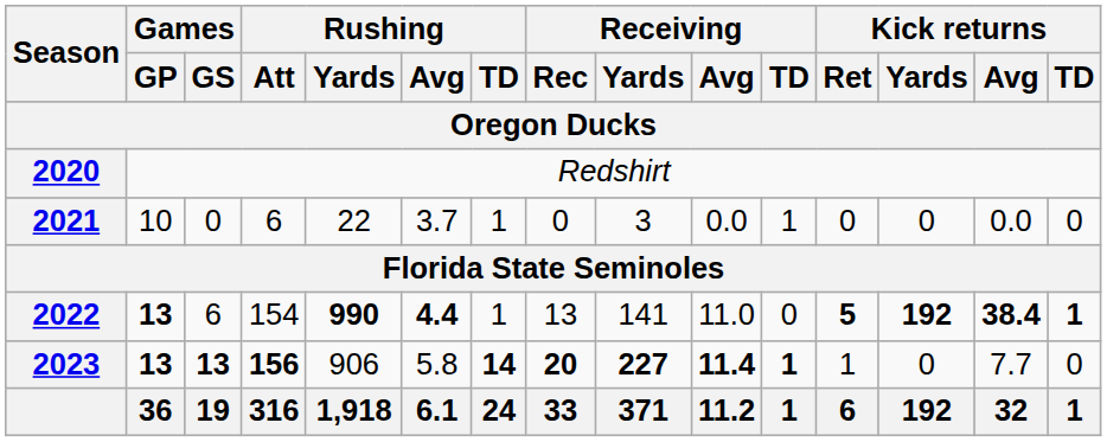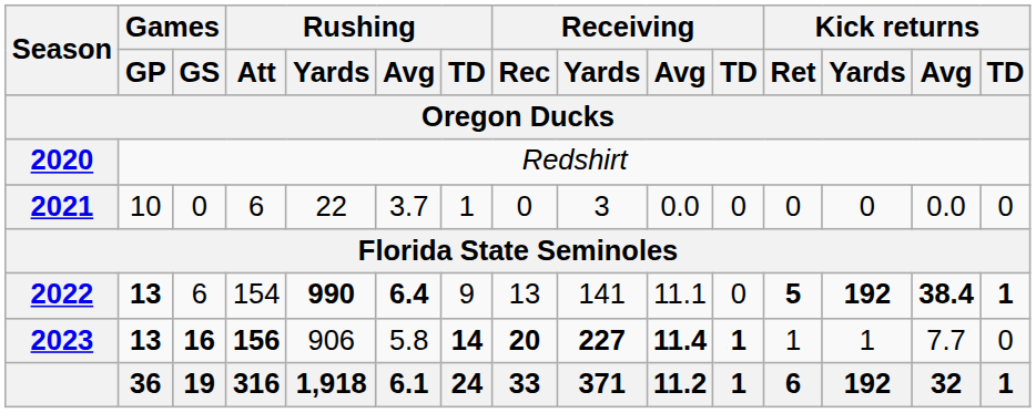 <table class="wikitable" style="text-align:center;">
 <tr>
 <th rowspan="2">Season</th>
 <th colspan="2">Games</th>
 <th colspan="4">Rushing</th>
 <th colspan="4">Receiving</th>
 <th colspan="4">Kick returns</th>
 </tr>
 <tr>
 <th>GP</th>
 <th>GS</th>
 <th>Att</th>
 <th>Yards</th>
 <th>Avg</th>
 <th>TD</th>
 <th>Rec</th>
 <th>Yards</th>
 <th>Avg</th>
 <th>TD</th>
 <th>Ret</th>
 <th>Yards</th>
 <th>Avg</th>
 <th>TD</th>
 </tr>
 <tr>
 <th colspan="15">Oregon Ducks</th>
 </tr>
 <tr>
 <th><a href='#'>2020</a></th>
 <td colspan="14"><em>Redshirt </em></td>
 </tr>
 <tr>
 <th><a href='#'>2021</a></th>
 <td>10</td>
 <td>0</td>
 <td>6</td>
 <td>22</td>
 <td>3.7</td>
 <td>1</td>
 <td>0</td>
 <td>3</td>
 <td>0.0</td>
-<td>1</td>
+<td>0</td>
 <td>0</td>
 <td>0</td>
 <td>0.0</td>
 <td>0</td>
 </tr>
 <tr>
 <th colspan="15">Florida State Seminoles</th>
 </tr>
 <tr>
 <th><a href='#'>2022</a></th>
 <td><strong>13</strong></td>
 <td>6</td>
 <td>154</td>
 <td><strong>990</strong></td>
-<td><strong>4.4</strong></td>
-<td>1</td>
+<td><strong>6.4</strong></td>
+<td>9</td>
 <td>13</td>
 <td>141</td>
-<td>11.0</td>
+<td>11.1</td>
 <td>0</td>
 <td><strong>5</strong></td>
 <td><strong>192</strong></td>
 <td><strong>38.4</strong></td>
 <td><strong>1</strong></td>
 </tr>
 <tr>
 <th><a href='#'>2023</a></th>
 <td><strong>13</strong></td>
-<td><strong>13</strong></td>
+<td><strong>16</strong></td>
 <td><strong>156</strong></td>
 <td>906</td>
 <td>5.8</td>
 <td><strong>14</strong></td>
 <td><strong>20</strong></td>
 <td><strong>227</strong></td>
 <td><strong>11.4</strong></td>
 <td><strong>1</strong></td>
 <td>1</td>
-<td>0</td>
+<td>1</td>
 <td>7.7</td>
 <td>0</td>
 </tr>
 <tr>
 <th></th>
 <th>36</th>
 <th>19</th>
 <th>316</th>
 <th>1,918</th>
 <th>6.1</th>
 <th>24</th>
 <th>33</th>
 <th>371</th>
 <th>11.2</th>
 <th>1</th>
 <th>6</th>
 <th>192</th>
 <th>32</th>
 <th>1</th>
 </tr>
 </table>
